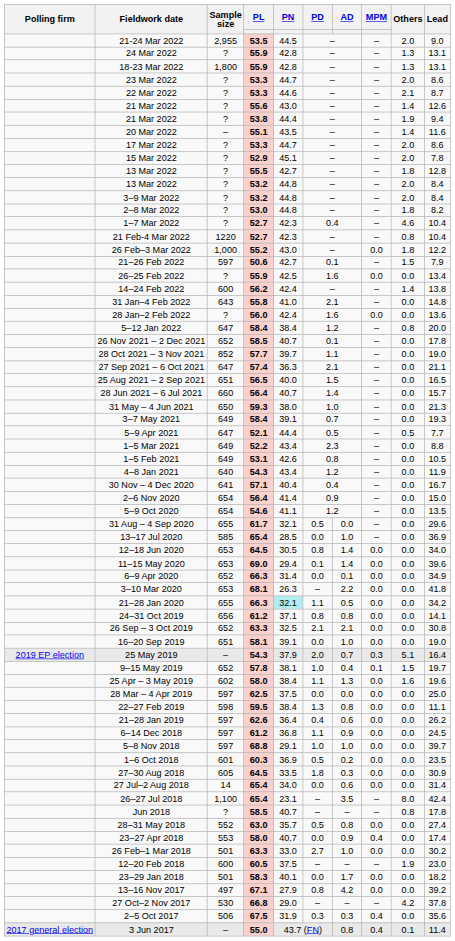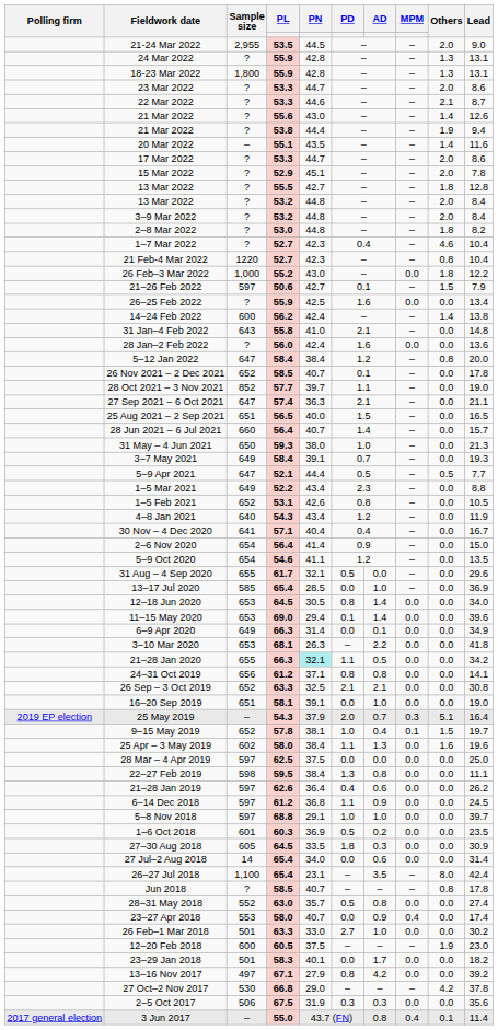 <table class="wikitable sortable" style="text-align:center;font-size:90%;line-height:14px;">
 <tr style="height:40px;">
 <th rowspan="2">Polling firm</th>
 <th rowspan="2">Fieldwork date</th>
 <th style="width:35px;" rowspan="2">Sample<br>size</th>
 <th class="unsortable" style="width:40px;"><a href='#'>PL</a></th>
 <th class="unsortable" style="width:40px;"><a href='#'>PN</a></th>
 <th class="unsortable" style="width:40px;"><a href='#'>PD</a></th>
 <th class="unsortable" style="width:40px;"><a href='#'>AD</a></th>
 <th class="unsortable" style="width:40px;"><a href='#'>MPM</a></th>
 <th class="unsortable" style="width:40px;" rowspan="2">Others</th>
 <th style="width:30px;" rowspan="2">Lead</th>
 </tr>
 <tr>
 <th style="background:"></th>
 <th style="background:"></th>
 <th style="background:"></th>
 <th style="background:"></th>
 <th style="background:"></th>
 </tr>
 <tr>
 <td></td>
 <td data-sort-value="2022-03-24">21-24 Mar 2022</td>
 <td>2,955</td>
 <td style="background:#FBD1CE;"><strong>53.5</strong></td>
 <td>44.5</td>
 <td colspan="2">–</td>
 <td>–</td>
 <td>2.0</td>
 <td style="background:">9.0</td>
 </tr>
 <tr>
 <td></td>
 <td data-sort-value="2022-03-24">24 Mar 2022</td>
 <td>?</td>
 <td style="background:#FBD1CE;"><strong>55.9</strong></td>
 <td>42.8</td>
 <td colspan="2">–</td>
 <td>–</td>
 <td>1.3</td>
 <td style="background:">13.1</td>
 </tr>
 <tr>
 <td></td>
 <td data-sort-value="2022-03-20">18-23 Mar 2022</td>
 <td>1,800</td>
 <td style="background:#FBD1CE;"><strong>55.9</strong></td>
 <td>42.8</td>
 <td colspan="2">–</td>
 <td>–</td>
 <td>1.3</td>
 <td style="background:">13.1</td>
 </tr>
 <tr>
 <td></td>
 <td data-sort-value="2022-03-23">23 Mar 2022</td>
 <td>?</td>
 <td style="background:#FBD1CE;"><strong>53.3</strong></td>
 <td>44.7</td>
 <td colspan="2">–</td>
 <td>–</td>
 <td>2.0</td>
 <td style="background:">8.6</td>
 </tr>
 <tr>
 <td></td>
 <td data-sort-value="2022-03-22">22 Mar 2022</td>
 <td>?</td>
 <td style="background:#FBD1CE;"><strong>53.3</strong></td>
 <td>44.6</td>
 <td colspan="2">–</td>
 <td>–</td>
 <td>2.1</td>
 <td style="background:">8.7</td>
 </tr>
 <tr>
 <td></td>
 <td data-sort-value="2022-03-21">21 Mar 2022</td>
 <td>?</td>
 <td style="background:#FBD1CE;"><strong>55.6</strong></td>
 <td>43.0</td>
 <td colspan="2">–</td>
 <td>–</td>
 <td>1.4</td>
 <td style="background:">12.6</td>
 </tr>
 <tr>
 <td></td>
 <td data-sort-value="2022-03-21">21 Mar 2022</td>
 <td>?</td>
 <td style="background:#FBD1CE;"><strong>53.8</strong></td>
 <td>44.4</td>
 <td colspan="2">–</td>
 <td>–</td>
 <td>1.9</td>
 <td style="background:">9.4</td>
 </tr>
 <tr>
 <td></td>
 <td data-sort-value="2022-03-20">20 Mar 2022</td>
 <td>–</td>
 <td style="background:#FBD1CE;"><strong>55.1</strong></td>
 <td>43.5</td>
 <td colspan="2">–</td>
 <td>–</td>
 <td>1.4</td>
 <td style="background:">11.6</td>
 </tr>
 <tr>
 <td></td>
 <td data-sort-value="2022-03-17">17 Mar 2022</td>
 <td>?</td>
 <td style="background:#FBD1CE;"><strong>53.3</strong></td>
 <td>44.7</td>
 <td colspan="2">–</td>
 <td>–</td>
 <td>2.0</td>
 <td style="background:">8.6</td>
 </tr>
 <tr>
 <td></td>
 <td data-sort-value="2022-03-15">15 Mar 2022</td>
 <td>?</td>
 <td style="background:#FBD1CE;"><strong>52.9</strong></td>
 <td>45.1</td>
 <td colspan="2">–</td>
 <td>–</td>
 <td>2.0</td>
 <td style="background:">7.8</td>
 </tr>
 <tr>
 <td></td>
 <td data-sort-value="2022-03-13">13 Mar 2022</td>
 <td>?</td>
 <td style="background:#FBD1CE;"><strong>55.5</strong></td>
 <td>42.7</td>
 <td colspan="2">–</td>
 <td>–</td>
 <td>1.8</td>
 <td style="background:">12.8</td>
 </tr>
 <tr>
 <td></td>
 <td data-sort-value="2022-03-13">13 Mar 2022</td>
 <td>?</td>
 <td style="background:#FBD1CE;"><strong>53.2</strong></td>
 <td>44.8</td>
 <td colspan="2">–</td>
 <td>–</td>
 <td>2.0</td>
 <td style="background:">8.4</td>
 </tr>
 <tr>
 <td></td>
 <td data-sort-value="2022-03-09">3–9 Mar 2022</td>
 <td>?</td>
 <td style="background:#FBD1CE;"><strong>53.2</strong></td>
 <td>44.8</td>
 <td colspan="2">–</td>
 <td>–</td>
 <td>2.0</td>
 <td style="background:">8.4</td>
 </tr>
 <tr>
 <td></td>
 <td data-sort-value="2022-03-08">2–8 Mar 2022</td>
 <td>?</td>
 <td style="background:#FBD1CE;"><strong>53.0</strong></td>
 <td>44.8</td>
 <td colspan="2">–</td>
 <td>–</td>
 <td>1.8</td>
 <td style="background:">8.2</td>
 </tr>
 <tr>
 <td></td>
 <td data-sort-value="2022-03-07">1–7 Mar 2022</td>
 <td>?</td>
 <td style="background:#FBD1CE;"><strong>52.7</strong></td>
 <td>42.3</td>
 <td colspan="2">0.4</td>
 <td>–</td>
 <td>4.6</td>
 <td style="background:">10.4</td>
 </tr>
 <tr>
 <td></td>
 <td data-sort-value="2022-03-04">21 Feb-4 Mar 2022</td>
 <td>1220</td>
 <td style="background:#FBD1CE;"><strong>52.7</strong></td>
 <td>42.3</td>
 <td colspan="2">–</td>
 <td>–</td>
 <td>0.8</td>
 <td style="background:">10.4</td>
 </tr>
 <tr>
 <td></td>
 <td data-sort-value="2022-03-03">26 Feb–3 Mar 2022</td>
 <td>1,000</td>
 <td style="background:#FBD1CE;"><strong>55.2</strong></td>
 <td>43.0</td>
 <td colspan="2">–</td>
 <td>0.0</td>
 <td>1.8</td>
 <td style="background:">12.2</td>
 </tr>
 <tr>
 <td></td>
 <td data-sort-value="2022-02-27">21–26 Feb 2022</td>
 <td>597</td>
 <td style="background:#FBD1CE;"><strong>50.6</strong></td>
 <td>42.7</td>
 <td colspan="2">0.1</td>
 <td>–</td>
 <td>1.5</td>
 <td style="background:">7.9</td>
 </tr>
 <tr>
 <td></td>
 <td data-sort-value="2022-02-25">26–25 Feb 2022</td>
 <td>?</td>
 <td style="background:#FBD1CE;"><strong>55.9</strong></td>
 <td>42.5</td>
 <td colspan="2">1.6</td>
 <td>0.0</td>
 <td>0.0</td>
 <td style="background:">13.4</td>
 </tr>
 <tr>
 <td></td>
 <td data-sort-value="2022-02-14">14–24 Feb 2022</td>
 <td>600</td>
 <td style="background:#FBD1CE;"><strong>56.2</strong></td>
 <td>42.4</td>
 <td colspan="2">–</td>
 <td>–</td>
 <td>1.4</td>
 <td style="background:">13.8</td>
 </tr>
 <tr>
 <td></td>
 <td data-sort-value="2022-01-0">31 Jan–4 Feb 2022</td>
 <td>643</td>
 <td style="background:#FBD1CE;"><strong>55.8</strong></td>
 <td>41.0</td>
 <td colspan="2">2.1</td>
 <td>–</td>
 <td>0.0</td>
 <td style="background:">14.8</td>
 </tr>
 <tr>
 <td></td>
 <td data-sort-value="2022-02-02">28 Jan–2 Feb 2022</td>
 <td>?</td>
 <td style="background:#FBD1CE;"><strong>56.0</strong></td>
 <td>42.4</td>
 <td colspan="2">1.6</td>
 <td>0.0</td>
 <td>0.0</td>
 <td style="background:">13.6</td>
 </tr>
 <tr>
 <td></td>
 <td data-sort-value="2022-01-0">5–12 Jan 2022</td>
 <td>647</td>
 <td style="background:#FBD1CE;"><strong>58.4</strong></td>
 <td>38.4</td>
 <td colspan="2">1.2</td>
 <td>–</td>
 <td>0.8</td>
 <td style="background:">20.0</td>
 </tr>
 <tr>
 <td></td>
 <td data-sort-value="2021-12-02">26 Nov 2021 – 2 Dec 2021</td>
 <td>652</td>
 <td style="background:#FBD1CE;"><strong>58.5</strong></td>
 <td>40.7</td>
 <td colspan="2">0.1</td>
 <td>–</td>
 <td>0.0</td>
 <td style="background:">17.8</td>
 </tr>
 <tr>
 <td></td>
 <td data-sort-value="2021-11-07">28 Oct 2021 – 3 Nov 2021</td>
 <td>852</td>
 <td style="background:#FBD1CE;"><strong>57.7</strong></td>
 <td>39.7</td>
 <td colspan="2">1.1</td>
 <td>–</td>
 <td>0.0</td>
 <td style="background:">19.0</td>
 </tr>
 <tr>
 <td></td>
 <td data-sort-value="2021-10-10">27 Sep 2021 – 6 Oct 2021</td>
 <td>647</td>
 <td style="background:#FBD1CE;"><strong>57.4</strong></td>
 <td>36.3</td>
 <td colspan="2">2.1</td>
 <td>–</td>
 <td>0.0</td>
 <td style="background:">21.1</td>
 </tr>
 <tr>
 <td></td>
 <td data-sort-value="2021-09-02">25 Aug 2021 – 2 Sep 2021</td>
 <td>651</td>
 <td style="background:#FBD1CE;"><strong>56.5</strong></td>
 <td>40.0</td>
 <td colspan="2">1.5</td>
 <td>–</td>
 <td>0.0</td>
 <td style="background:">16.5</td>
 </tr>
 <tr>
 <td></td>
 <td data-sort-value="2021-07-11">28 Jun 2021 – 6 Jul 2021</td>
 <td>660</td>
 <td style="background:#FBD1CE;"><strong>56.4</strong></td>
 <td>40.7</td>
 <td colspan="2">1.4</td>
 <td>–</td>
 <td>0.0</td>
 <td style="background:">15.7</td>
 </tr>
 <tr>
 <td></td>
 <td data-sort-value="2021-06-07">31 May – 4 Jun 2021</td>
 <td>650</td>
 <td style="background:#FBD1CE;"><strong>59.3</strong></td>
 <td>38.0</td>
 <td colspan="2">1.0</td>
 <td>–</td>
 <td>0.0</td>
 <td style="background:">21.3</td>
 </tr>
 <tr>
 <td></td>
 <td data-sort-value="2021-04-09">3–7 May 2021</td>
 <td>649</td>
 <td style="background:#FBD1CE;"><strong>58.4</strong></td>
 <td>39.1</td>
 <td colspan="2">0.7</td>
 <td>–</td>
 <td>0.0</td>
 <td style="background:">19.3</td>
 </tr>
 <tr>
 <td></td>
 <td data-sort-value="2021-04-09">5–9 Apr 2021</td>
 <td>647</td>
 <td style="background:#FBD1CE;"><strong>52.1</strong></td>
 <td>44.4</td>
 <td colspan="2">0.5</td>
 <td>–</td>
 <td>0.5</td>
 <td style="background:">7.7</td>
 </tr>
 <tr>
 <td></td>
 <td data-sort-value="2021-03-05">1–5 Mar 2021</td>
 <td>649</td>
 <td style="background:#FBD1CE;"><strong>52.2</strong></td>
 <td>43.4</td>
 <td colspan="2">2.3</td>
 <td>–</td>
 <td>0.0</td>
 <td style="background:">8.8</td>
 </tr>
 <tr>
 <td></td>
 <td data-sort-value="2021-02-05">1–5 Feb 2021</td>
-<td>649</td>
+<td>652</td>
 <td style="background:#FBD1CE;"><strong>53.1</strong></td>
 <td>42.6</td>
 <td colspan="2">0.8</td>
 <td>–</td>
 <td>0.0</td>
 <td style="background:">10.5</td>
 </tr>
 <tr>
 <td></td>
 <td data-sort-value="2021-01-08">4–8 Jan 2021</td>
 <td>640</td>
 <td style="background:#FBD1CE;"><strong>54.3</strong></td>
 <td>43.4</td>
 <td colspan="2">1.2</td>
 <td>–</td>
 <td>0.0</td>
 <td style="background:">11.9</td>
 </tr>
 <tr>
 <td></td>
 <td data-sort-value="2020-12-04">30 Nov – 4 Dec 2020</td>
 <td>641</td>
 <td style="background:#FBD1CE;"><strong>57.1</strong></td>
 <td>40.4</td>
 <td colspan="2">0.4</td>
 <td>–</td>
 <td>0.0</td>
 <td style="background:">16.7</td>
 </tr>
 <tr>
 <td></td>
 <td data-sort-value="2020-11-06">2–6 Nov 2020</td>
 <td>654</td>
 <td style="background:#FBD1CE;"><strong>56.4</strong></td>
 <td>41.4</td>
 <td colspan="2">0.9</td>
 <td>–</td>
 <td>0.0</td>
 <td style="background:">15.0</td>
 </tr>
 <tr>
 <td></td>
 <td data-sort-value="2020-10-09">5–9 Oct 2020</td>
 <td>654</td>
 <td style="background:#FBD1CE;"><strong>54.6</strong></td>
 <td>41.1</td>
 <td colspan="2">1.2</td>
 <td>–</td>
 <td>0.0</td>
 <td style="background:">13.5</td>
 </tr>
 <tr>
 <td></td>
 <td data-sort-value="2020-09-04">31 Aug – 4 Sep 2020</td>
 <td>655</td>
 <td style="background:#FBD1CE;"><strong>61.7</strong></td>
 <td>32.1</td>
 <td>0.5</td>
 <td>0.0</td>
 <td>–</td>
 <td>0.0</td>
 <td style="background:">29.6</td>
 </tr>
 <tr>
 <td></td>
 <td data-sort-value="2020-07-17">13–17 Jul 2020</td>
 <td>585</td>
 <td style="background:#FBD1CE;"><strong>65.4</strong></td>
 <td>28.5</td>
 <td>0.0</td>
 <td>1.0</td>
 <td>–</td>
 <td>0.0</td>
 <td style="background:">36.9</td>
 </tr>
 <tr>
 <td></td>
 <td data-sort-value="2020-06-18">12–18 Jun 2020</td>
 <td>653</td>
 <td style="background:#FBD1CE;"><strong>64.5</strong></td>
 <td>30.5</td>
 <td>0.8</td>
 <td>1.4</td>
 <td>0.0</td>
 <td>0.0</td>
 <td style="background:">34.0</td>
 </tr>
 <tr>
 <td></td>
 <td data-sort-value="2020-05-15">11–15 May 2020</td>
 <td>653</td>
 <td style="background:#FBD1CE;"><strong>69.0</strong></td>
 <td>29.4</td>
 <td>0.1</td>
 <td>1.4</td>
 <td>0.0</td>
 <td>0.0</td>
 <td style="background:">39.6</td>
 </tr>
 <tr>
 <td></td>
 <td data-sort-value="2020-04-09">6–9 Apr 2020</td>
-<td>652</td>
+<td>649</td>
 <td style="background:#FBD1CE;"><strong>66.3</strong></td>
 <td>31.4</td>
 <td>0.0</td>
 <td>0.1</td>
 <td>0.0</td>
 <td>0.0</td>
 <td style="background:">34.9</td>
 </tr>
 <tr>
 <td></td>
 <td data-sort-value="2020-03-10">3–10 Mar 2020</td>
 <td>653</td>
 <td style="background:#FBD1CE;"><strong>68.1</strong></td>
 <td>26.3</td>
 <td>–</td>
 <td>2.2</td>
 <td>0.0</td>
 <td>0.0</td>
 <td style="background:">41.8</td>
 </tr>
 <tr>
 <td></td>
 <td data-sort-value="2020-01-28">21–28 Jan 2020</td>
 <td>655</td>
 <td style="background:#FBD1CE;"><strong>66.3</strong></td>
 <td style="background: paleturquoise;">32.1</td>
 <td>1.1</td>
 <td>0.5</td>
 <td>0.0</td>
 <td>0.0</td>
 <td style="background:">34.2</td>
 </tr>
 <tr>
 <td></td>
 <td data-sort-value="2019-10-31">24–31 Oct 2019</td>
 <td>656</td>
 <td style="background:#FBD1CE;"><strong>61.2</strong></td>
 <td>37.1</td>
 <td>0.8</td>
 <td>0.8</td>
 <td>0.0</td>
 <td>0.0</td>
 <td style="background:">14.1</td>
 </tr>
 <tr>
 <td></td>
 <td data-sort-value="2019-10-03">26 Sep – 3 Oct 2019</td>
 <td>652</td>
 <td style="background:#FBD1CE;"><strong>63.3</strong></td>
 <td>32.5</td>
 <td>2.1</td>
 <td>2.1</td>
 <td>0.0</td>
 <td>0.0</td>
 <td style="background:">30.8</td>
 </tr>
 <tr>
 <td></td>
 <td data-sort-value="2019-09-22">16–20 Sep 2019</td>
 <td>651</td>
 <td style="background:#FBD1CE;"><strong>58.1</strong></td>
 <td>39.1</td>
 <td>0.0</td>
 <td>1.0</td>
 <td>0.0</td>
 <td>0.0</td>
 <td style="background:">19.0</td>
 </tr>
 <tr style="background:#E9E9E9;">
 <td><a href='#'>2019 EP election</a></td>
 <td data-sort-value="2019-05-25">25 May 2019</td>
 <td>–</td>
 <td style="background:#FBD1CE;"><strong>54.3</strong></td>
 <td>37.9</td>
 <td>2.0</td>
 <td>0.7</td>
 <td>0.3</td>
 <td>5.1</td>
 <td style="background:">16.4</td>
 </tr>
 <tr>
 <td></td>
 <td data-sort-value="2019-10-03">9–15 May 2019</td>
 <td>652</td>
 <td style="background:#FBD1CE;"><strong>57.8</strong></td>
 <td>38.1</td>
 <td>1.0</td>
 <td>0.4</td>
 <td>0.1</td>
 <td>1.5</td>
 <td style="background:">19.7</td>
 </tr>
 <tr>
 <td></td>
 <td data-sort-value="2019-05-03">25 Apr – 3 May 2019</td>
 <td>602</td>
 <td style="background:#FBD1CE;"><strong>58.0</strong></td>
 <td>38.4</td>
 <td>1.1</td>
 <td>1.3</td>
 <td>0.0</td>
 <td>1.6</td>
 <td style="background:">19.6</td>
 </tr>
 <tr>
 <td></td>
 <td data-sort-value="2019-04-04">28 Mar – 4 Apr 2019</td>
 <td>597</td>
 <td style="background:#FBD1CE;"><strong>62.5</strong></td>
 <td>37.5</td>
 <td>0.0</td>
 <td>0.0</td>
 <td>0.0</td>
 <td>0.0</td>
 <td style="background:">25.0</td>
 </tr>
 <tr>
 <td></td>
 <td data-sort-value="2019-02-27">22–27 Feb 2019</td>
 <td>598</td>
 <td style="background:#FBD1CE;"><strong>59.5</strong></td>
 <td>38.4</td>
 <td>1.3</td>
 <td>0.8</td>
 <td>0.0</td>
 <td>0.0</td>
 <td style="background:">11.1</td>
 </tr>
 <tr>
 <td></td>
 <td data-sort-value="2019-01-28">21–28 Jan 2019</td>
 <td>597</td>
 <td style="background:#FBD1CE;"><strong>62.6</strong></td>
 <td>36.4</td>
 <td>0.4</td>
 <td>0.6</td>
 <td>0.0</td>
 <td>0.0</td>
 <td style="background:">26.2</td>
 </tr>
 <tr>
 <td></td>
 <td data-sort-value="2018-12-14">6–14 Dec 2018</td>
 <td>597</td>
 <td style="background:#FBD1CE;"><strong>61.2</strong></td>
 <td>36.8</td>
 <td>1.1</td>
 <td>0.9</td>
 <td>0.0</td>
 <td>0.0</td>
 <td style="background:">24.5</td>
 </tr>
 <tr>
 <td></td>
 <td data-sort-value="2018-11-08">5–8 Nov 2018</td>
 <td>597</td>
 <td style="background:#FBD1CE;"><strong>68.8</strong></td>
 <td>29.1</td>
 <td>1.0</td>
 <td>1.0</td>
 <td>0.0</td>
 <td>0.0</td>
 <td style="background:">39.7</td>
 </tr>
 <tr>
 <td></td>
 <td data-sort-value="2018-10-06">1–6 Oct 2018</td>
 <td>601</td>
 <td style="background:#FBD1CE;"><strong>60.3</strong></td>
 <td>36.9</td>
 <td>0.5</td>
 <td>0.2</td>
 <td>0.0</td>
 <td>0.0</td>
 <td style="background:">23.5</td>
 </tr>
 <tr>
 <td></td>
 <td data-sort-value="2018-08-30">27–30 Aug 2018</td>
 <td>605</td>
 <td style="background:#FBD1CE;"><strong>64.5</strong></td>
 <td>33.5</td>
 <td>1.8</td>
 <td>0.3</td>
 <td>0.0</td>
 <td>0.0</td>
 <td style="background:">30.9</td>
 </tr>
 <tr>
 <td></td>
 <td data-sort-value="2018-08-02">27 Jul–2 Aug 2018</td>
 <td>14</td>
 <td style="background:#FBD1CE;"><strong>65.4</strong></td>
 <td>34.0</td>
 <td>0.0</td>
 <td>0.6</td>
 <td>0.0</td>
 <td>0.0</td>
 <td style="background:">31.4</td>
 </tr>
 <tr>
 <td></td>
 <td data-sort-value="2018-07-27">26–27 Jul 2018</td>
 <td>1,100</td>
 <td style="background:#FBD1CE;"><strong>65.4</strong></td>
 <td>23.1</td>
 <td>–</td>
 <td>3.5</td>
 <td>–</td>
 <td>8.0</td>
 <td style="background:">42.4</td>
 </tr>
 <tr>
 <td></td>
 <td data-sort-value="2018-06">Jun 2018</td>
 <td>?</td>
 <td style="background:#FBD1CE;"><strong>58.5</strong></td>
 <td>40.7</td>
 <td>–</td>
 <td>–</td>
 <td>–</td>
 <td>0.8</td>
 <td style="background:">17.8</td>
 </tr>
 <tr>
 <td></td>
 <td data-sort-value="2018-05-31">28–31 May 2018</td>
 <td>552</td>
 <td style="background:#FBD1CE;"><strong>63.0</strong></td>
 <td>35.7</td>
 <td>0.5</td>
 <td>0.8</td>
 <td>0.0</td>
 <td>0.0</td>
 <td style="background:">27.4</td>
 </tr>
 <tr>
 <td></td>
 <td data-sort-value="2018-04-28">23–27 Apr 2018</td>
 <td>553</td>
 <td style="background:#FBD1CE;"><strong>58.0</strong></td>
 <td>40.7</td>
 <td>0.0</td>
 <td>0.9</td>
 <td>0.4</td>
 <td>0.0</td>
 <td style="background:">17.4</td>
 </tr>
 <tr>
 <td></td>
 <td data-sort-value="2018-03-01">26 Feb–1 Mar 2018</td>
 <td>501</td>
 <td style="background:#FBD1CE;"><strong>63.3</strong></td>
 <td>33.0</td>
 <td>2.7</td>
 <td>1.0</td>
 <td>0.0</td>
 <td>0.0</td>
 <td style="background:">30.2</td>
 </tr>
 <tr>
 <td></td>
 <td data-sort-value="2018-02-20">12–20 Feb 2018</td>
 <td>600</td>
 <td style="background:#FBD1CE;"><strong>60.5</strong></td>
 <td>37.5</td>
 <td>–</td>
 <td>–</td>
 <td>–</td>
 <td>1.9</td>
 <td style="background:">23.0</td>
 </tr>
 <tr>
 <td></td>
 <td data-sort-value="2018-01-29">23–29 Jan 2018</td>
 <td>501</td>
 <td style="background:#FBD1CE;"><strong>58.3</strong></td>
 <td>40.1</td>
 <td>0.0</td>
 <td>1.7</td>
 <td>0.0</td>
 <td>0.0</td>
 <td style="background:">18.2</td>
 </tr>
 <tr>
 <td></td>
 <td data-sort-value="2017-11-16">13–16 Nov 2017</td>
 <td>497</td>
 <td style="background:#FBD1CE;"><strong>67.1</strong></td>
 <td>27.9</td>
 <td>0.8</td>
 <td>4.2</td>
 <td>0.0</td>
 <td>0.0</td>
 <td style="background:">39.2</td>
 </tr>
 <tr>
 <td></td>
 <td data-sort-value="2017-11-02">27 Oct–2 Nov 2017</td>
 <td>530</td>
 <td style="background:#FBD1CE;"><strong>66.8</strong></td>
 <td>29.0</td>
 <td>–</td>
 <td>–</td>
 <td>–</td>
 <td>4.2</td>
 <td style="background:">37.8</td>
 </tr>
 <tr>
 <td></td>
 <td data-sort-value="2017-10-05">2–5 Oct 2017</td>
 <td>506</td>
 <td style="background:#FBD1CE;"><strong>67.5</strong></td>
 <td>31.9</td>
 <td>0.3</td>
 <td>0.3</td>
-<td>0.4</td>
+<td>0.0</td>
 <td>0.0</td>
 <td style="background:">35.6</td>
 </tr>
 <tr style="background:#E9E9E9;">
 <td><a href='#'>2017 general election</a></td>
 <td data-sort-value="2017-06-03">3 Jun 2017</td>
 <td>–</td>
 <td style="background:#FBD1CE;"><strong>55.0</strong></td>
 <td colspan="2">43.7 (<a href='#'>FN</a>)</td>
 <td>0.8</td>
 <td>0.4</td>
 <td>0.1</td>
 <td style="background:">11.4</td>
 </tr>
 </table>
